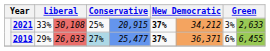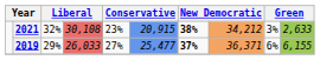 <table class="wikitable" style="float:right; width:400; font-size:90%; margin-left:1em;">
 <tr>
 <th colspan="2" scope="col">Year</th>
 <th colspan="2" scope="col"><a href='#'>Liberal</a></th>
 <th colspan="2" scope="col"><a href='#'>Conservative</a></th>
 <th colspan="2" scope="col"><a href='#'>New Democratic</a></th>
 <th colspan="2" scope="col"><a href='#'>Green</a></th>
 </tr>
 <tr>
 <td rowspan="2" style="width: 0.25em; background-color: "></td>
 <th><a href='#'>2021</a></th>
-<td>33%</td>
+<td>32%</td>
 <td style="text-align:right; background:#EA6D6A;"><em>30,108</em></td>
-<td>25%</td>
+<td>23%</td>
 <td style="text-align:right; background:#6495ED;"><em>20,915</em></td>
-<td><strong>37%</strong></td>
+<td><strong>38%</strong></td>
 <td style="text-align:right; background:#F4A460;"><em>34,212</em></td>
 <td>3%</td>
 <td style="text-align:right; background:#99C955;"><em>2,633</em></td>
 </tr>
 <tr>
 <th><a href='#'>2019</a></th>
 <td>29%</td>
 <td style="text-align:right; background:#EA6D6A;"><em>26,033</em></td>
-<td style="background: lightblue;">27%</td>
+<td>27%</td>
 <td style="text-align:right; background:#6495ED;"><em>25,477</em></td>
 <td><strong>37%</strong></td>
 <td style="text-align:right; background:#F4A460;"><em>36,371</em></td>
 <td>6%</td>
-<td style="text-align:right; background:#99C955;"><em>6,455</em></td>
+<td style="text-align:right; background:#99C955;"><em>6,155</em></td>
 </tr>
 <tr>
 </tr>
 </table>
